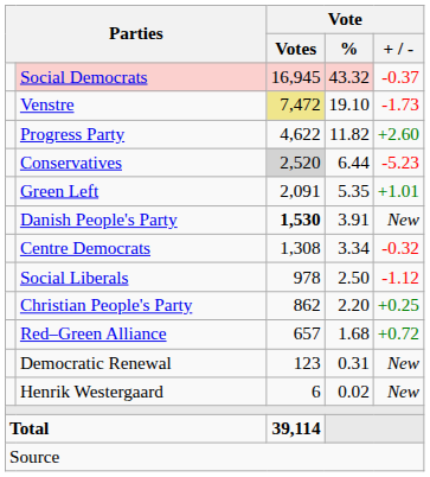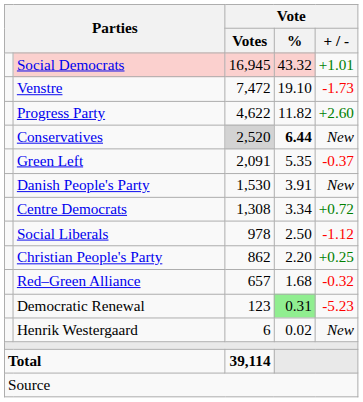 <table class="wikitable" style="text-align:right;">
 <tr>
 <th style="text-align:centre;" rowspan="2" colspan="2" width="225">Parties</th>
 <th colspan="3">Vote</th>
 </tr>
 <tr>
 <th width="15">Votes</th>
 <th width="15">%</th>
 <th width="15">+ / -</th>
 </tr>
 <tr>
 <td width="2" style="color:inherit;background:"></td>
 <td bgcolor=#fbd0ce  align="left"><a href='#'>Social Democrats</a></td>
 <td bgcolor=#fbd0ce>16,945</td>
 <td bgcolor=#fbd0ce>43.32</td>
-<td style=color:red;>-0.37</td>
+<td style=color:green;>+1.01</td>
 </tr>
 <tr>
 <td width="2" style="color:inherit;background:"></td>
 <td align="left"><a href='#'>Venstre</a></td>
-<td style="background: khaki;">7,472</td>
+<td>7,472</td>
 <td>19.10</td>
 <td style=color:red;>-1.73</td>
 </tr>
 <tr>
 <td width="2" style="color:inherit;background:"></td>
 <td align="left"><a href='#'>Progress Party</a></td>
 <td>4,622</td>
 <td>11.82</td>
 <td style=color:green;>+2.60</td>
 </tr>
 <tr>
 <td width="2" style="color:inherit;background:"></td>
 <td align="left"><a href='#'>Conservatives</a></td>
 <td style="background: lightgrey;">2,520</td>
-<td>6.44</td>
-<td style=color:red;>-5.23</td>
+<td><strong>6.44</strong></td>
+<td><em>New</em></td>
 </tr>
 <tr>
 <td width="2" style="color:inherit;background:"></td>
 <td align="left"><a href='#'>Green Left</a></td>
 <td>2,091</td>
 <td>5.35</td>
-<td style=color:green;>+1.01</td>
+<td style=color:red;>-0.37</td>
 </tr>
 <tr>
 <td width="2" style="color:inherit;background:"></td>
 <td align="left"><a href='#'>Danish People's Party</a></td>
-<td><strong>1,530</strong></td>
+<td>1,530</td>
 <td>3.91</td>
 <td><em>New</em></td>
 </tr>
 <tr>
 <td width="2" style="color:inherit;background:"></td>
 <td align="left"><a href='#'>Centre Democrats</a></td>
 <td>1,308</td>
 <td>3.34</td>
-<td style=color:red;>-0.32</td>
+<td style=color:green;>+0.72</td>
 </tr>
 <tr>
 <td width="2" style="color:inherit;background:"></td>
 <td align="left"><a href='#'>Social Liberals</a></td>
 <td>978</td>
 <td>2.50</td>
 <td style=color:red;>-1.12</td>
 </tr>
 <tr>
 <td width="2" style="color:inherit;background:"></td>
 <td align="left"><a href='#'>Christian People's Party</a></td>
 <td>862</td>
 <td>2.20</td>
 <td style=color:green;>+0.25</td>
 </tr>
 <tr>
 <td width="2" style="color:inherit;background:"></td>
 <td align="left"><a href='#'>Red–Green Alliance</a></td>
 <td>657</td>
 <td>1.68</td>
-<td style=color:green;>+0.72</td>
+<td style=color:red;>-0.32</td>
 </tr>
 <tr>
 <td width="2" style="color:inherit;background:"></td>
 <td align="left">Democratic Renewal</td>
 <td>123</td>
-<td>0.31</td>
-<td><em>New</em></td>
+<td style="background: lightgreen;">0.31</td>
+<td style=color:red;>-5.23</td>
 </tr>
 <tr>
 <td width="2" style="color:inherit;background:"></td>
 <td align="left">Henrik Westergaard</td>
 <td>6</td>
 <td>0.02</td>
 <td><em>New</em></td>
 </tr>
 <tr>
 <td colspan="7" bgcolor="#E9E9E9"></td>
 </tr>
 <tr>
 <td align="left" colspan="2"><strong>Total</strong></td>
 <td><strong>39,114</strong></td>
 <td bgcolor="#E9E9E9" colspan="2"></td>
 </tr>
 <tr>
 <td align="left" colspan="6">Source</td>
 </tr>
 </table>
